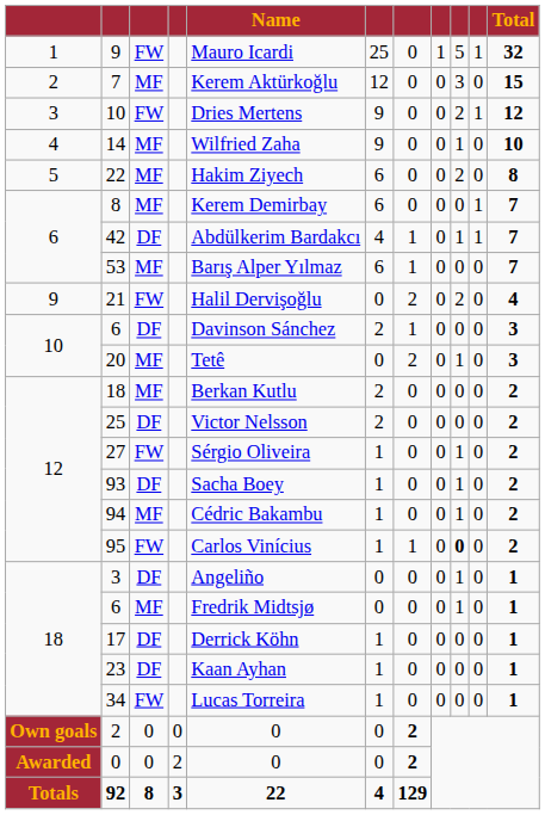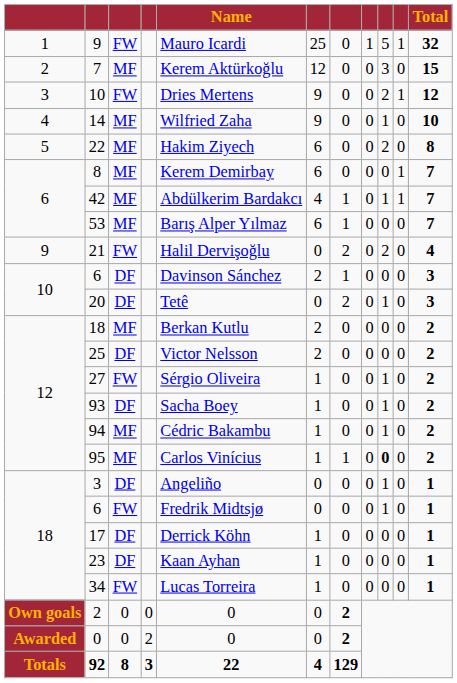 <table class="wikitable" style="text-align:center">
 <tr>
 <th style="background:#A32638; color:#FFB300; "></th>
 <th style="background:#A32638; color:#FFB300; "></th>
 <th style="background:#A32638; color:#FFB300; "></th>
 <th style="background:#A32638; color:#FFB300; "></th>
 <th style="background:#A32638; color:#FFB300; ">Name</th>
 <th style="background:#A32638; color:#FFB300; "></th>
 <th style="background:#A32638; color:#FFB300; "></th>
 <th style="background:#A32638; color:#FFB300; "></th>
 <th style="background:#A32638; color:#FFB300; "></th>
 <th style="background:#A32638; color:#FFB300; "></th>
 <th style="background:#A32638; color:#FFB300; ">Total</th>
 </tr>
 <tr>
 <td rowspan="1">1</td>
 <td>9</td>
 <td><a href='#'>FW</a></td>
 <td></td>
 <td align=left><a href='#'>Mauro Icardi</a></td>
 <td>25</td>
 <td>0</td>
 <td>1</td>
 <td>5</td>
 <td>1</td>
 <td><strong>32</strong></td>
 </tr>
 <tr>
 <td rowspan="1">2</td>
 <td>7</td>
 <td><a href='#'>MF</a></td>
 <td></td>
 <td align=left><a href='#'>Kerem Aktürkoğlu</a></td>
 <td>12</td>
 <td>0</td>
 <td>0</td>
 <td>3</td>
 <td>0</td>
 <td><strong>15</strong></td>
 </tr>
 <tr>
 <td rowspan="1">3</td>
 <td>10</td>
 <td><a href='#'>FW</a></td>
 <td></td>
 <td align=left><a href='#'>Dries Mertens</a></td>
 <td>9</td>
 <td>0</td>
 <td>0</td>
 <td>2</td>
 <td>1</td>
 <td><strong>12</strong></td>
 </tr>
 <tr>
 <td rowspan="1">4</td>
 <td>14</td>
 <td><a href='#'>MF</a></td>
 <td></td>
 <td align=left><a href='#'>Wilfried Zaha</a></td>
 <td>9</td>
 <td>0</td>
 <td>0</td>
 <td>1</td>
 <td>0</td>
 <td><strong>10</strong></td>
 </tr>
 <tr>
 <td rowspan="1">5</td>
 <td>22</td>
 <td><a href='#'>MF</a></td>
 <td></td>
 <td align=left><a href='#'>Hakim Ziyech</a></td>
 <td>6</td>
 <td>0</td>
 <td>0</td>
 <td>2</td>
 <td>0</td>
 <td><strong>8</strong></td>
 </tr>
 <tr>
 <td rowspan="3">6</td>
 <td>8</td>
 <td><a href='#'>MF</a></td>
 <td></td>
 <td align=left><a href='#'>Kerem Demirbay</a></td>
 <td>6</td>
 <td>0</td>
 <td>0</td>
 <td>0</td>
 <td>1</td>
 <td><strong>7</strong></td>
 </tr>
 <tr>
 <td>42</td>
-<td><a href='#'>DF</a></td>
+<td><a href='#'>MF</a></td>
 <td></td>
 <td align=left><a href='#'>Abdülkerim Bardakcı</a></td>
 <td>4</td>
 <td>1</td>
 <td>0</td>
 <td>1</td>
 <td>1</td>
 <td><strong>7</strong></td>
 </tr>
 <tr>
 <td>53</td>
 <td><a href='#'>MF</a></td>
 <td></td>
 <td align=left><a href='#'>Barış Alper Yılmaz</a></td>
 <td>6</td>
 <td>1</td>
 <td>0</td>
 <td>0</td>
 <td>0</td>
 <td><strong>7</strong></td>
 </tr>
 <tr>
 <td rowspan="1">9</td>
 <td>21</td>
 <td><a href='#'>FW</a></td>
 <td></td>
 <td align=left><a href='#'>Halil Dervişoğlu</a></td>
 <td>0</td>
 <td>2</td>
 <td>0</td>
 <td>2</td>
 <td>0</td>
 <td><strong>4</strong></td>
 </tr>
 <tr>
 <td rowspan="2">10</td>
 <td>6</td>
 <td><a href='#'>DF</a></td>
 <td></td>
 <td align=left><a href='#'>Davinson Sánchez</a></td>
 <td>2</td>
 <td>1</td>
 <td>0</td>
 <td>0</td>
 <td>0</td>
 <td><strong>3</strong></td>
 </tr>
 <tr>
 <td>20</td>
-<td><a href='#'>MF</a></td>
+<td><a href='#'>DF</a></td>
 <td></td>
 <td align=left><a href='#'>Tetê</a></td>
 <td>0</td>
 <td>2</td>
 <td>0</td>
 <td>1</td>
 <td>0</td>
 <td><strong>3</strong></td>
 </tr>
 <tr>
 <td rowspan="6">12</td>
 <td>18</td>
 <td><a href='#'>MF</a></td>
 <td></td>
 <td align=left><a href='#'>Berkan Kutlu</a></td>
 <td>2</td>
 <td>0</td>
 <td>0</td>
 <td>0</td>
 <td>0</td>
 <td><strong>2</strong></td>
 </tr>
 <tr>
 <td>25</td>
 <td><a href='#'>DF</a></td>
 <td></td>
 <td align=left><a href='#'>Victor Nelsson</a></td>
 <td>2</td>
 <td>0</td>
 <td>0</td>
 <td>0</td>
 <td>0</td>
 <td><strong>2</strong></td>
 </tr>
 <tr>
 <td>27</td>
 <td><a href='#'>FW</a></td>
 <td></td>
 <td align=left><a href='#'>Sérgio Oliveira</a></td>
 <td>1</td>
 <td>0</td>
 <td>0</td>
 <td>1</td>
 <td>0</td>
 <td><strong>2</strong></td>
 </tr>
 <tr>
 <td>93</td>
 <td><a href='#'>DF</a></td>
 <td></td>
 <td align=left><a href='#'>Sacha Boey</a></td>
 <td>1</td>
 <td>0</td>
 <td>0</td>
 <td>1</td>
 <td>0</td>
 <td><strong>2</strong></td>
 </tr>
 <tr>
 <td>94</td>
 <td><a href='#'>MF</a></td>
 <td></td>
 <td align=left><a href='#'>Cédric Bakambu</a></td>
 <td>1</td>
 <td>0</td>
 <td>0</td>
 <td>1</td>
 <td>0</td>
 <td><strong>2</strong></td>
 </tr>
 <tr>
 <td>95</td>
-<td><a href='#'>FW</a></td>
+<td><a href='#'>MF</a></td>
 <td></td>
 <td align=left><a href='#'>Carlos Vinícius</a></td>
 <td>1</td>
 <td>1</td>
 <td>0</td>
 <td><strong>0</strong></td>
 <td>0</td>
 <td><strong>2</strong></td>
 </tr>
 <tr>
 <td rowspan="5">18</td>
 <td>3</td>
 <td><a href='#'>DF</a></td>
 <td></td>
 <td align=left><a href='#'>Angeliño</a></td>
 <td>0</td>
 <td>0</td>
 <td>0</td>
 <td>1</td>
 <td>0</td>
 <td><strong>1</strong></td>
 </tr>
 <tr>
 <td>6</td>
-<td><a href='#'>MF</a></td>
+<td><a href='#'>FW</a></td>
 <td></td>
 <td align=left><a href='#'>Fredrik Midtsjø</a></td>
 <td>0</td>
 <td>0</td>
 <td>0</td>
 <td>1</td>
 <td>0</td>
 <td><strong>1</strong></td>
 </tr>
 <tr>
 <td>17</td>
 <td><a href='#'>DF</a></td>
 <td></td>
 <td align=left><a href='#'>Derrick Köhn</a></td>
 <td>1</td>
 <td>0</td>
 <td>0</td>
 <td>0</td>
 <td>0</td>
 <td><strong>1</strong></td>
 </tr>
 <tr>
 <td>23</td>
 <td><a href='#'>DF</a></td>
 <td></td>
 <td align=left><a href='#'>Kaan Ayhan</a></td>
 <td>1</td>
 <td>0</td>
 <td>0</td>
 <td>0</td>
 <td>0</td>
 <td><strong>1</strong></td>
 </tr>
 <tr>
 <td>34</td>
 <td><a href='#'>FW</a></td>
 <td></td>
 <td align=left><a href='#'>Lucas Torreira</a></td>
 <td>1</td>
 <td>0</td>
 <td>0</td>
 <td>0</td>
 <td>0</td>
 <td><strong>1</strong></td>
 </tr>
 <tr>
 <td style="background:#A32638; color:#FFB300; "><strong>Own goals</strong></td>
 <td>2</td>
 <td>0</td>
 <td>0</td>
 <td>0</td>
 <td>0</td>
 <td><strong>2</strong></td>
 </tr>
 <tr>
 <td style="background:#A32638; color:#FFB300; "><strong>Awarded</strong></td>
 <td>0</td>
 <td>0</td>
 <td>2</td>
 <td>0</td>
 <td>0</td>
 <td><strong>2</strong></td>
 </tr>
 <tr>
 <td style="background:#A32638; color:#FFB300; "><strong>Totals</strong></td>
 <td><strong>92</strong></td>
 <td><strong>8</strong></td>
 <td><strong>3</strong></td>
 <td><strong>22</strong></td>
 <td><strong>4</strong></td>
 <td><strong>129</strong></td>
 </tr>
 </table>
